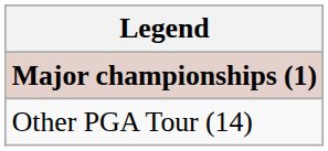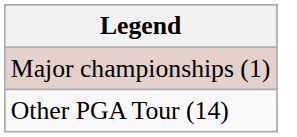 <table class="wikitable" style="font-size:95%;">
 <tr>
 <th>Legend</th>
 </tr>
 <tr style="background:#e5d1cb;">
-<td><strong>Major championships (1)</strong></td>
+<td>Major championships (1)</td>
 </tr>
 <tr>
 <td>Other PGA Tour (14)</td>
 </tr>
 </table>
